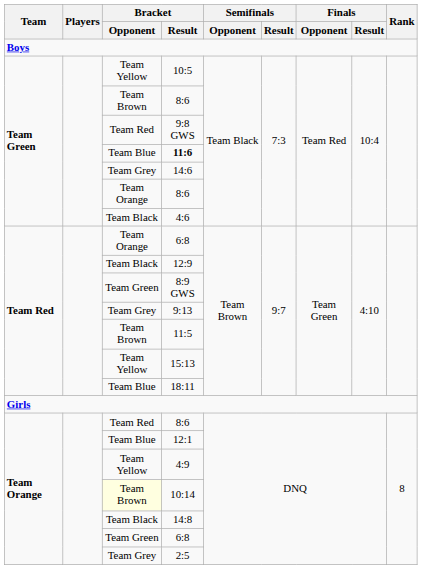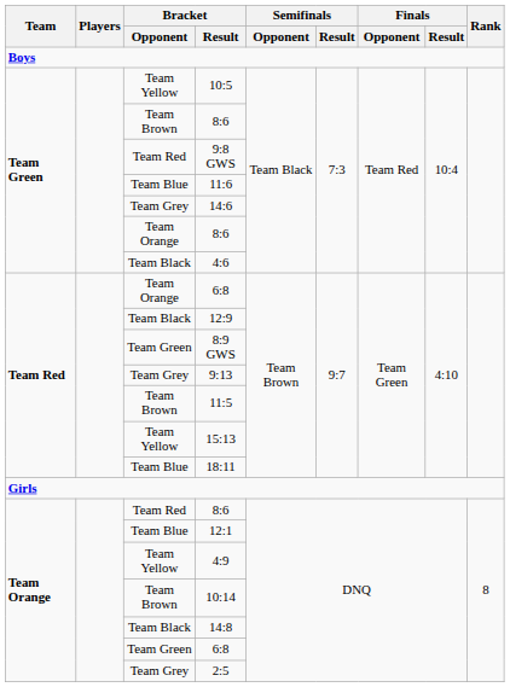 <table class="wikitable" style="text-align:center" style="font-size:90%">
 <tr>
 <th rowspan="2">Team</th>
 <th rowspan="2">Players</th>
 <th colspan="2">Bracket</th>
 <th colspan="2">Semifinals</th>
 <th colspan="2">Finals</th>
 <th rowspan="2">Rank</th>
 </tr>
 <tr>
 <th>Opponent</th>
 <th>Result</th>
 <th>Opponent</th>
 <th>Result</th>
 <th>Opponent</th>
 <th>Result</th>
 </tr>
 <tr>
 <td colspan="9" style="text-align:left"><strong><a href='#'>Boys</a></strong></td>
 </tr>
 <tr>
 <td rowspan="7" style="text-align:left"><strong>Team Green</strong></td>
 <td rowspan="7" style="text-align:left"><br><br><br><br><br><br><br><br><br><br><br><br></td>
 <td>Team Yellow</td>
 <td>10:5</td>
 <td rowspan="7">Team Black</td>
 <td rowspan="7">7:3</td>
 <td rowspan="7">Team Red</td>
 <td rowspan="7">10:4</td>
 <td rowspan="7"></td>
 </tr>
 <tr>
 <td>Team Brown</td>
 <td>8:6</td>
 </tr>
 <tr>
 <td>Team Red</td>
 <td>9:8 GWS</td>
 </tr>
 <tr>
 <td>Team Blue</td>
-<td><strong>11:6</strong></td>
+<td>11:6</td>
 </tr>
 <tr>
 <td>Team Grey</td>
 <td>14:6</td>
 </tr>
 <tr>
 <td>Team Orange</td>
 <td>8:6</td>
 </tr>
 <tr>
 <td>Team Black</td>
 <td>4:6</td>
 </tr>
 <tr>
 <td rowspan="7" style="text-align:left"><strong>Team Red</strong></td>
 <td rowspan="7" style="text-align:left"><br><br><br><br><br><br><br><br><br><br><br><br></td>
 <td>Team Orange</td>
 <td>6:8</td>
 <td rowspan="7">Team Brown</td>
 <td rowspan="7">9:7</td>
 <td rowspan="7">Team Green</td>
 <td rowspan="7">4:10</td>
 <td rowspan="7"></td>
 </tr>
 <tr>
 <td>Team Black</td>
 <td>12:9</td>
 </tr>
 <tr>
 <td>Team Green</td>
 <td>8:9 GWS</td>
 </tr>
 <tr>
 <td>Team Grey</td>
 <td>9:13</td>
 </tr>
 <tr>
 <td>Team Brown</td>
 <td>11:5</td>
 </tr>
 <tr>
 <td>Team Yellow</td>
 <td>15:13</td>
 </tr>
 <tr>
 <td>Team Blue</td>
 <td>18:11</td>
 </tr>
 <tr>
 <td colspan="9" style="text-align:left"><strong><a href='#'>Girls</a></strong></td>
 </tr>
 <tr>
 <td rowspan="7" style="text-align:left"><strong>Team Orange</strong></td>
 <td rowspan="7" style="text-align:left"><br><br><br><br><br><br><br><br><br><br><br><br></td>
 <td>Team Red</td>
 <td>8:6</td>
 <td colspan="4" rowspan="7">DNQ</td>
 <td rowspan="7">8</td>
 </tr>
 <tr>
 <td>Team Blue</td>
 <td>12:1</td>
 </tr>
 <tr>
 <td>Team Yellow</td>
 <td>4:9</td>
 </tr>
 <tr>
-<td style="background: lightyellow;">Team Brown</td>
+<td>Team Brown</td>
 <td>10:14</td>
 </tr>
 <tr>
 <td>Team Black</td>
 <td>14:8</td>
 </tr>
 <tr>
 <td>Team Green</td>
 <td>6:8</td>
 </tr>
 <tr>
 <td>Team Grey</td>
 <td>2:5</td>
 </tr>
 </table>
